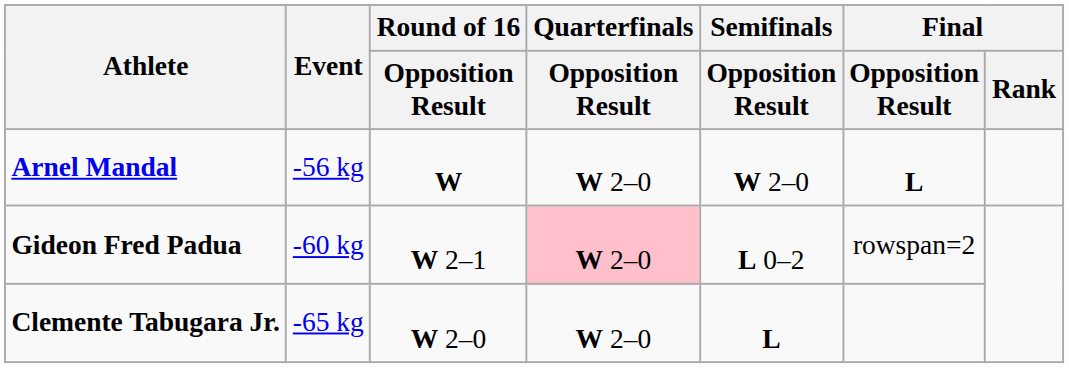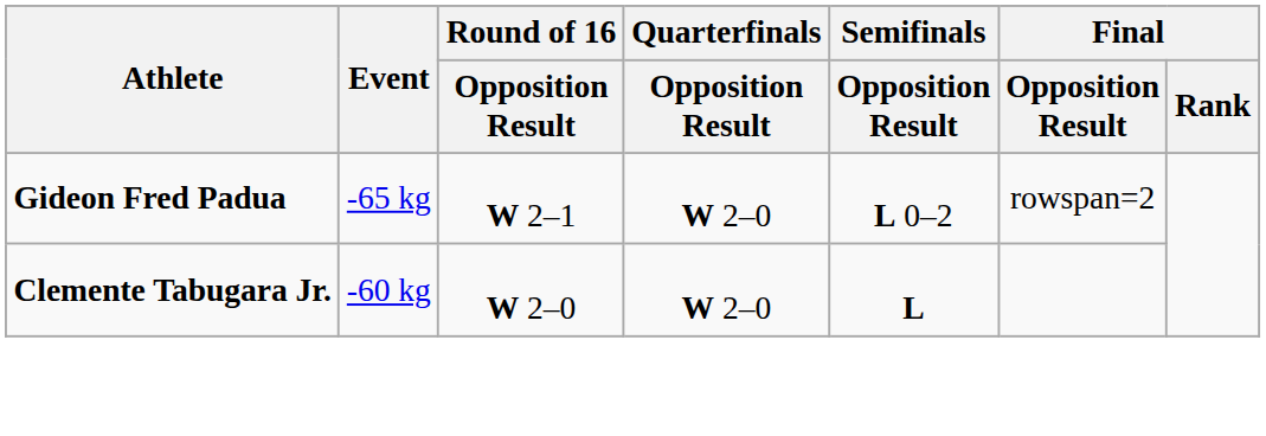 <table class="wikitable" border="1" style="font-size:90%">
 <tr>
 <th rowspan=2>Athlete</th>
 <th rowspan=2>Event</th>
 <th>Round of 16</th>
 <th>Quarterfinals</th>
 <th>Semifinals</th>
 <th colspan=2>Final</th>
 </tr>
 <tr>
 <th>Opposition<br>Result</th>
 <th>Opposition<br>Result</th>
 <th>Opposition<br>Result</th>
 <th>Opposition<br>Result</th>
 <th>Rank</th>
 </tr>
 <tr align=center>
-<td align=left><strong><a href='#'>Arnel Mandal</a></strong></td>
-<td align=left><a href='#'>-56 kg</a></td>
-<td align=center><br><strong>W</strong> </td>
+<td align=left><strong>Gideon Fred Padua</strong></td>
+<td align=left><a href='#'>-65 kg</a></td>
+<td align=center><br><strong>W</strong> 2–1</td>
 <td align=center><br><strong>W</strong> 2–0</td>
-<td align=center><br><strong>W</strong>  2–0</td>
-<td align=center><br><strong>L</strong> </td>
-<td></td>
-</tr>
-<tr align=center>
-<td align=left><strong>Gideon Fred Padua</strong></td>
-<td align=left><a href='#'>-60 kg</a></td>
-<td align=center><br><strong>W</strong> 2–1</td>
-<td align=center style="background: pink;"><br><strong>W</strong> 2–0</td>
 <td align=center><br><strong>L</strong> 0–2</td>
 <td>rowspan=2 </td>
 <td rowspan=2></td>
 </tr>
 <tr align=center>
 <td align=left><strong>Clemente Tabugara Jr.</strong></td>
-<td align=left><a href='#'>-65 kg</a></td>
+<td align=left><a href='#'>-60 kg</a></td>
 <td align=center><br><strong>W</strong> 2–0</td>
 <td align=center><br><strong>W</strong> 2–0</td>
 <td align=center><br><strong>L</strong> </td>
 </tr>
 </table>
